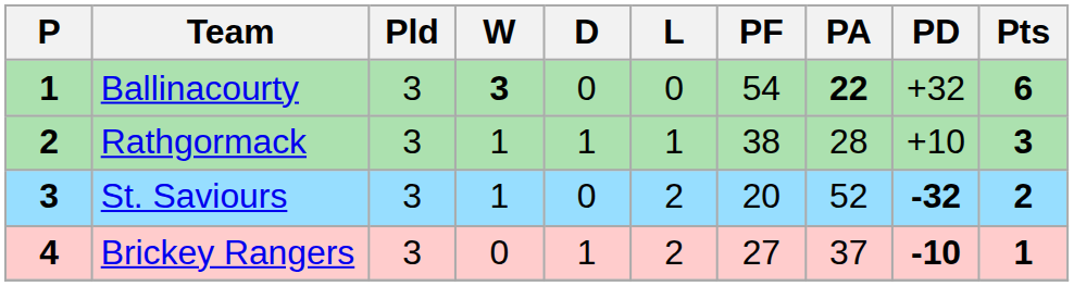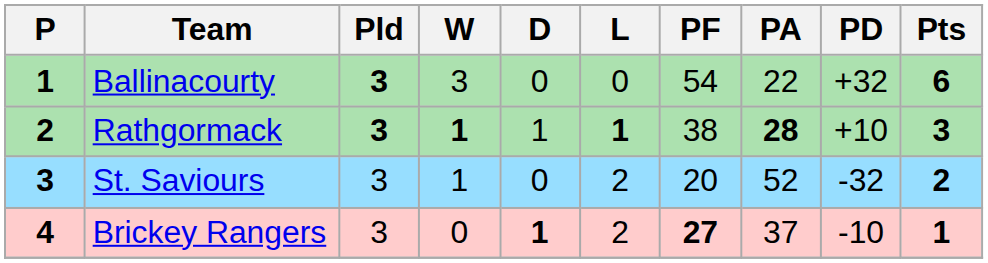 <table class="wikitable" style="text-align: center;">
 <tr>
 <th width=33>P</th>
 <th width=120>Team</th>
 <th width=33>Pld</th>
 <th width=33>W</th>
 <th width=33>D</th>
 <th width=33>L</th>
 <th width=33>PF</th>
 <th width=33>PA</th>
 <th width=33>PD</th>
 <th width=33>Pts</th>
 </tr>
 <tr style="background: #ACE1AF;">
 <td><strong>1</strong></td>
 <td align="left"><a href='#'>Ballinacourty</a></td>
+<td><strong>3</strong></td>
 <td>3</td>
-<td><strong>3</strong></td>
 <td>0</td>
 <td>0</td>
 <td>54</td>
-<td><strong>22</strong></td>
+<td>22</td>
 <td>+32</td>
 <td><strong>6</strong></td>
 </tr>
 <tr style="background: #ACE1AF;">
 <td><strong>2</strong></td>
 <td align="left"><a href='#'>Rathgormack</a></td>
-<td>3</td>
+<td><strong>3</strong></td>
+<td><strong>1</strong></td>
 <td>1</td>
-<td>1</td>
-<td>1</td>
+<td><strong>1</strong></td>
 <td>38</td>
-<td>28</td>
+<td><strong>28</strong></td>
 <td>+10</td>
 <td><strong>3</strong></td>
 </tr>
 <tr style="background: #97DEFF;">
 <td><strong>3</strong></td>
 <td align="left"><a href='#'>St. Saviours</a></td>
 <td>3</td>
 <td>1</td>
 <td>0</td>
 <td>2</td>
 <td>20</td>
 <td>52</td>
-<td><strong>-32</strong></td>
+<td>-32</td>
 <td><strong>2</strong></td>
 </tr>
 <tr style="background:#FFCCCC">
 <td><strong>4</strong></td>
 <td align="left"><a href='#'>Brickey Rangers</a></td>
 <td>3</td>
 <td>0</td>
-<td>1</td>
+<td><strong>1</strong></td>
 <td>2</td>
-<td>27</td>
+<td><strong>27</strong></td>
 <td>37</td>
-<td><strong>-10</strong></td>
+<td>-10</td>
 <td><strong>1</strong></td>
 </tr>
 <tr style="background:#FFCCCC">
 </tr>
 </table>
